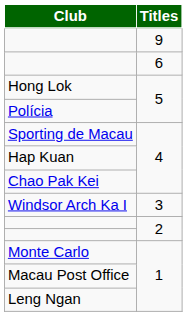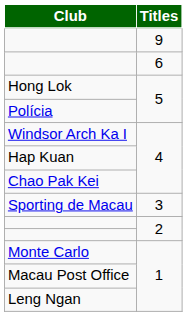 <table class="wikitable">
 <tr>
 <th style="background:darkgreen; color:white; border:1px solid white;">Club</th>
 <th style="background:darkgreen; color:white; border:1px solid white;">Titles</th>
 </tr>
 <tr>
 <td></td>
 <td style="text-align:center">9</td>
 </tr>
 <tr>
 <td></td>
 <td style="text-align:center">6</td>
 </tr>
 <tr>
 <td>Hong Lok</td>
 <td rowspan="2" style="text-align:center">5</td>
 </tr>
 <tr>
 <td><a href='#'>Polícia</a></td>
 </tr>
 <tr>
-<td><a href='#'>Sporting de Macau</a></td>
+<td><a href='#'>Windsor Arch Ka I</a></td>
 <td rowspan="3" style="text-align:center">4</td>
 </tr>
 <tr>
 <td>Hap Kuan</td>
 </tr>
 <tr>
 <td><a href='#'>Chao Pak Kei</a></td>
 </tr>
 <tr>
-<td><a href='#'>Windsor Arch Ka I</a></td>
+<td><a href='#'>Sporting de Macau</a></td>
 <td style="text-align:center">3</td>
 </tr>
 <tr>
 <td></td>
 <td rowspan="2" style="text-align:center">2</td>
 </tr>
 <tr>
 <td></td>
 </tr>
 <tr>
 <td><a href='#'>Monte Carlo</a></td>
 <td rowspan="3" style="text-align:center">1</td>
 </tr>
 <tr>
 <td>Macau Post Office</td>
 </tr>
 <tr>
 <td>Leng Ngan</td>
 </tr>
 </table>
